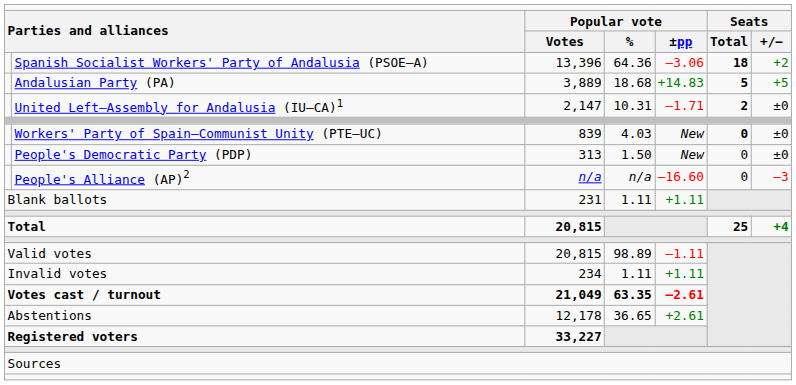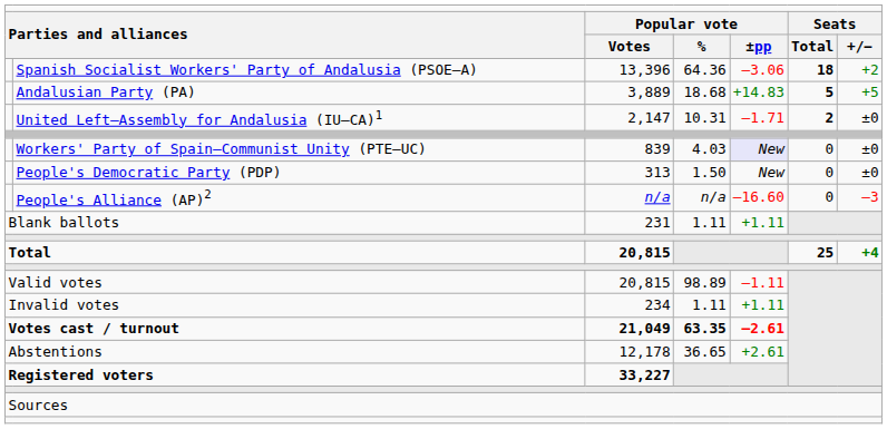 <table class="wikitable" style="text-align:right;">
 <tr>
 <td colspan="7"></td>
 </tr>
 <tr>
 <th style="text-align:left;" rowspan="2" colspan="2" width="525">Parties and alliances</th>
 <th colspan="3">Popular vote</th>
 <th colspan="2">Seats</th>
 </tr>
 <tr>
 <th width="75">Votes</th>
 <th width="45">%</th>
 <th width="45">±<a href='#'>pp</a></th>
 <th width="35">Total</th>
 <th width="35">+/−</th>
 </tr>
 <tr>
 <td width="1" style="color:inherit;background:"></td>
 <td align="left"><a href='#'>Spanish Socialist Workers' Party of Andalusia</a> (PSOE–A)</td>
 <td>13,396</td>
 <td>64.36</td>
 <td style="color:red;">–3.06</td>
 <td><strong>18</strong></td>
 <td style="color:green;">+2</td>
 </tr>
 <tr>
 <td style="color:inherit;background:"></td>
 <td align="left"><a href='#'>Andalusian Party</a> (PA)</td>
 <td>3,889</td>
 <td>18.68</td>
 <td style="color:green;">+14.83</td>
 <td><strong>5</strong></td>
 <td style="color:green;">+5</td>
 </tr>
 <tr>
 <td style="color:inherit;background:"></td>
 <td align="left"><a href='#'>United Left–Assembly for Andalusia</a> (IU–CA)<sup>1</sup></td>
 <td>2,147</td>
 <td>10.31</td>
 <td style="color:red;">–1.71</td>
 <td><strong>2</strong></td>
 <td>±0</td>
 </tr>
 <tr>
 <td colspan="7" bgcolor="#C0C0C0"></td>
 </tr>
 <tr>
 <td style="color:inherit;background:"></td>
 <td align="left"><a href='#'>Workers' Party of Spain–Communist Unity</a> (PTE–UC)</td>
 <td>839</td>
 <td>4.03</td>
-<td><em>New</em></td>
-<td><strong>0</strong></td>
+<td style="background: lavender;"><em>New</em></td>
+<td>0</td>
 <td>±0</td>
 </tr>
 <tr>
 <td style="color:inherit;background:"></td>
 <td align="left"><a href='#'>People's Democratic Party</a> (PDP)</td>
 <td>313</td>
 <td>1.50</td>
 <td><em>New</em></td>
 <td>0</td>
 <td>±0</td>
 </tr>
 <tr>
 <td style="color:inherit;background:"></td>
 <td align="left"><a href='#'>People's Alliance</a> (AP)<sup>2</sup></td>
 <td><em><a href='#'>n/a</a></em></td>
 <td><em>n/a</em></td>
 <td style="color:red;">–16.60</td>
 <td>0</td>
 <td style="color:red;">–3</td>
 </tr>
 <tr>
 <td align="left" colspan="2">Blank ballots</td>
 <td>231</td>
 <td>1.11</td>
 <td style="color:green;">+1.11</td>
 <td bgcolor="#E9E9E9" colspan="2"></td>
 </tr>
 <tr>
 <td colspan="7" bgcolor="#E9E9E9"></td>
 </tr>
 <tr style="font-weight:bold;">
 <td align="left" colspan="2">Total</td>
 <td>20,815</td>
 <td bgcolor="#E9E9E9" colspan="2"></td>
 <td>25</td>
 <td style="color:green;">+4</td>
 </tr>
 <tr>
 <td colspan="7" bgcolor="#E9E9E9"></td>
 </tr>
 <tr>
 <td align="left" colspan="2">Valid votes</td>
 <td>20,815</td>
 <td>98.89</td>
 <td style="color:red;">–1.11</td>
 <td bgcolor="#E9E9E9" colspan="2" rowspan="5"></td>
 </tr>
 <tr>
 <td align="left" colspan="2">Invalid votes</td>
 <td>234</td>
 <td>1.11</td>
 <td style="color:green;">+1.11</td>
 </tr>
 <tr style="font-weight:bold;">
 <td align="left" colspan="2">Votes cast / turnout</td>
 <td>21,049</td>
 <td>63.35</td>
 <td style="color:red;">–2.61</td>
 </tr>
 <tr>
 <td align="left" colspan="2">Abstentions</td>
 <td>12,178</td>
 <td>36.65</td>
 <td style="color:green;">+2.61</td>
 </tr>
 <tr style="font-weight:bold;">
 <td align="left" colspan="2">Registered voters</td>
 <td>33,227</td>
 <td bgcolor="#E9E9E9" colspan="2"></td>
 </tr>
 <tr>
 <td colspan="7" bgcolor="#E9E9E9"></td>
 </tr>
 <tr>
 <td align="left" colspan="7">Sources</td>
 </tr>
 <tr>
 <td colspan="7" style="text-align:left; max-width:790px;"></td>
 </tr>
 </table>
